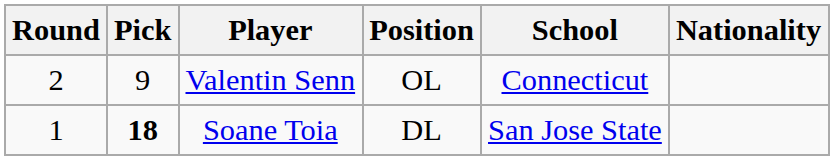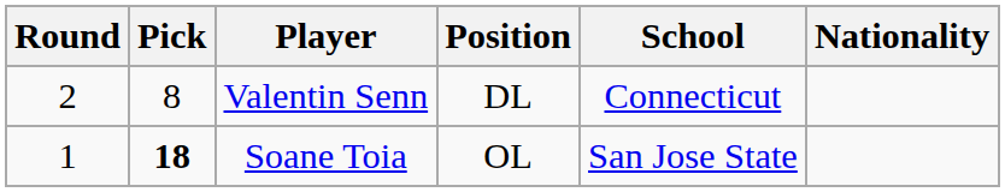 <table class="wikitable" style="font-size: 95%;">
 <tr>
 <th scope="col">Round</th>
 <th scope="col">Pick</th>
 <th scope="col">Player</th>
 <th scope="col">Position</th>
 <th scope="col">School</th>
 <th scope="col">Nationality</th>
 </tr>
 <tr align="center">
 <td align=center>2</td>
-<td>9</td>
+<td>8</td>
 <td><a href='#'>Valentin Senn</a></td>
-<td>OL</td>
+<td>DL</td>
 <td><a href='#'>Connecticut</a></td>
 <td></td>
 </tr>
 <tr align="center">
 <td align=center>1</td>
 <td><strong>18</strong></td>
 <td><a href='#'>Soane Toia</a></td>
-<td>DL</td>
+<td>OL</td>
 <td><a href='#'>San Jose State</a></td>
 <td></td>
 </tr>
 </table>
